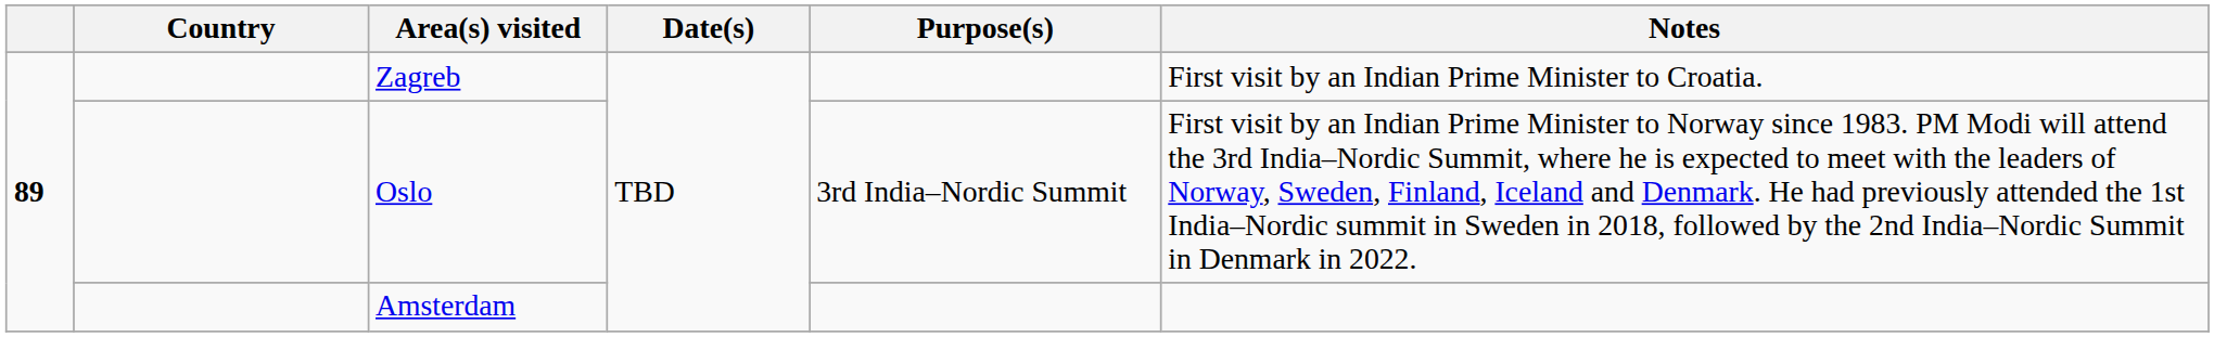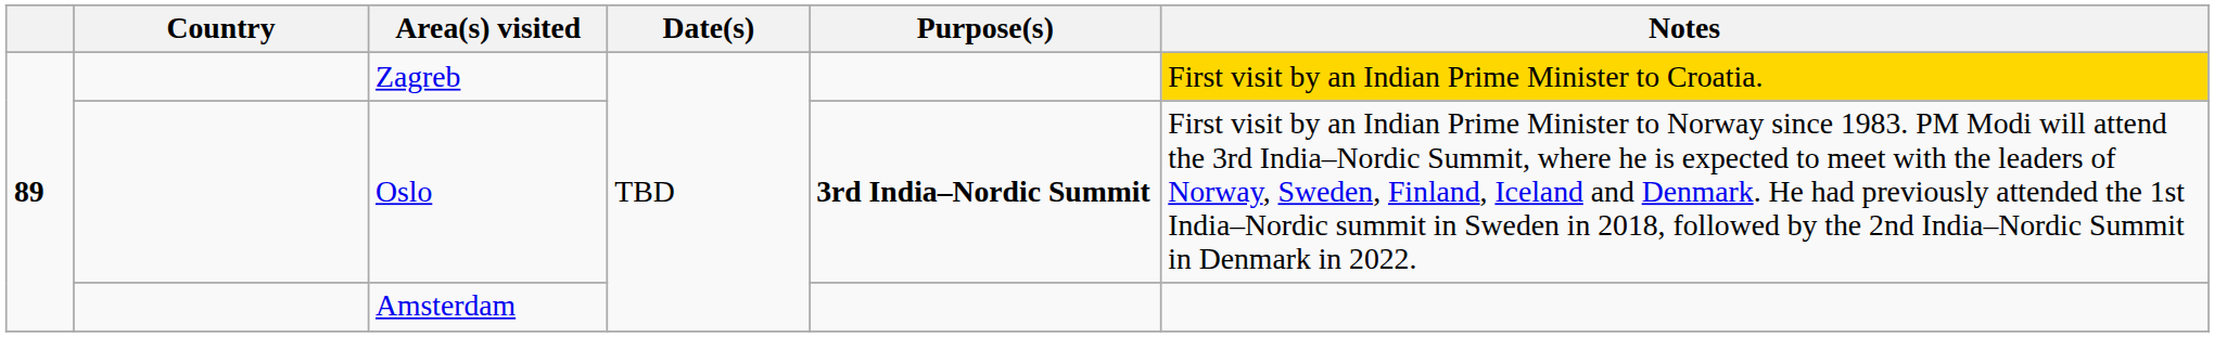 <table class="wikitable outercollapse sortable" style="margin: 1em auto 1em auto">
 <tr>
 <th style="width: 3%;"></th>
 <th width="150">Country</th>
 <th width="120">Area(s) visited</th>
 <th width="100">Date(s)</th>
 <th width="180">Purpose(s)</th>
 <th width="550">Notes</th>
 </tr>
 <tr>
 <td rowspan="3"><strong>89</strong></td>
 <td></td>
 <td><a href='#'>Zagreb</a></td>
 <td rowspan="3">TBD</td>
 <td></td>
-<td>First visit by an Indian Prime Minister to Croatia.</td>
+<td style="background: gold;">First visit by an Indian Prime Minister to Croatia.</td>
 </tr>
 <tr>
 <td></td>
 <td><a href='#'>Oslo</a></td>
-<td>3rd India–Nordic Summit</td>
+<td><strong>3rd India–Nordic Summit</strong></td>
 <td>First visit by an Indian Prime Minister to Norway since 1983. PM Modi will attend the 3rd India–Nordic Summit, where he is expected to meet with the leaders of <a href='#'>Norway</a>, <a href='#'>Sweden</a>, <a href='#'>Finland</a>, <a href='#'>Iceland</a> and <a href='#'>Denmark</a>. He had previously attended the 1st India–Nordic summit in Sweden in 2018, followed by the 2nd India–Nordic Summit in Denmark in 2022.</td>
 </tr>
 <tr>
 <td></td>
 <td><a href='#'>Amsterdam</a></td>
 <td></td>
 <td></td>
 </tr>
 </table>
